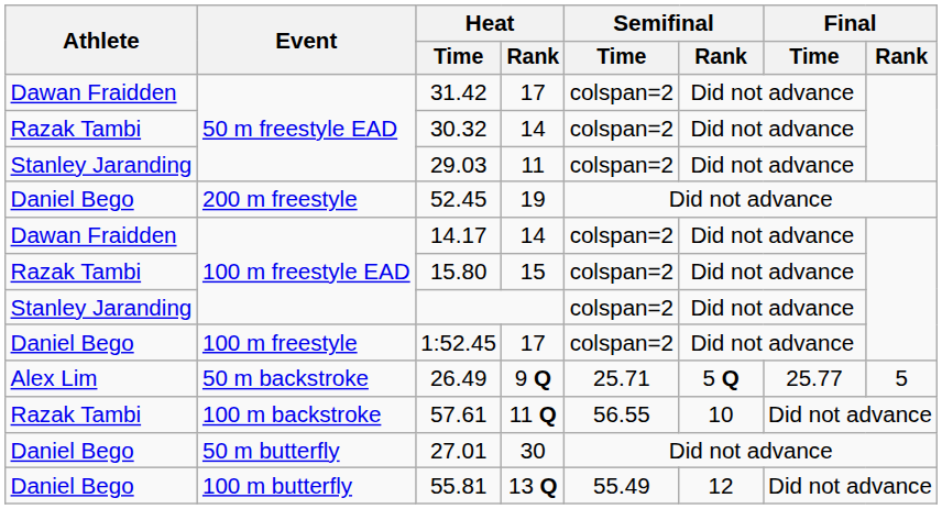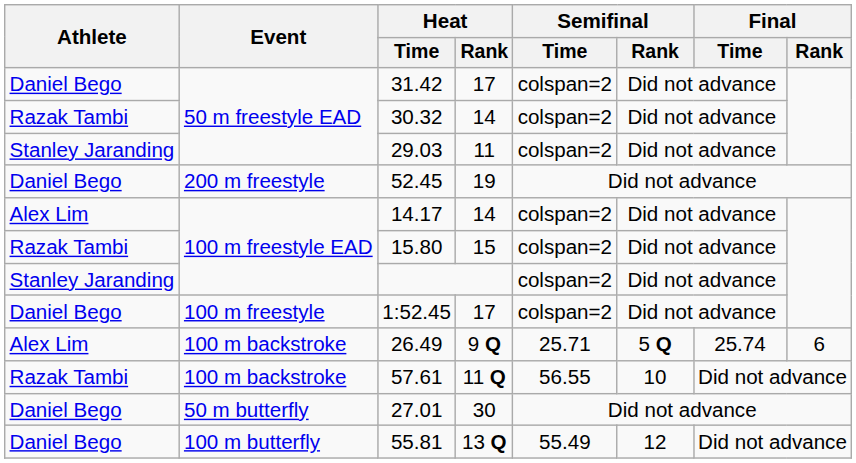 <table class=wikitable style=font-size:90%>
 <tr>
 <th rowspan=2>Athlete</th>
 <th rowspan=2>Event</th>
 <th colspan=2>Heat</th>
 <th colspan=2>Semifinal</th>
 <th colspan=2>Final</th>
 </tr>
 <tr style=font-size:95%>
 <th>Time</th>
 <th>Rank</th>
 <th>Time</th>
 <th>Rank</th>
 <th>Time</th>
 <th>Rank</th>
 </tr>
 <tr align=center>
-<td align=left><a href='#'>Dawan Fraidden</a></td>
+<td align=left><a href='#'>Daniel Bego</a></td>
 <td align=left rowspan=3><a href='#'>50 m freestyle EAD</a></td>
 <td>31.42</td>
 <td>17</td>
 <td>colspan=2 </td>
 <td colspan=2>Did not advance</td>
 </tr>
 <tr align=center>
 <td align=left><a href='#'>Razak Tambi</a></td>
 <td>30.32</td>
 <td>14</td>
 <td>colspan=2 </td>
 <td colspan=2>Did not advance</td>
 </tr>
 <tr align=center>
 <td align=left><a href='#'>Stanley Jaranding</a></td>
 <td>29.03</td>
 <td>11</td>
 <td>colspan=2 </td>
 <td colspan=2>Did not advance</td>
 </tr>
 <tr align=center>
 <td align=left><a href='#'>Daniel Bego</a></td>
 <td align=left><a href='#'>200 m freestyle</a></td>
 <td>52.45</td>
 <td>19</td>
 <td colspan=4>Did not advance</td>
 </tr>
 <tr align=center>
-<td align=left><a href='#'>Dawan Fraidden</a></td>
+<td align=left><a href='#'>Alex Lim</a></td>
 <td align=left rowspan=3><a href='#'>100 m freestyle EAD</a></td>
 <td>14.17</td>
 <td>14</td>
 <td>colspan=2 </td>
 <td colspan=2>Did not advance</td>
 </tr>
 <tr align=center>
 <td align=left><a href='#'>Razak Tambi</a></td>
 <td>15.80</td>
 <td>15</td>
 <td>colspan=2 </td>
 <td colspan=2>Did not advance</td>
 </tr>
 <tr align=center>
 <td align=left><a href='#'>Stanley Jaranding</a></td>
 <td colspan=2></td>
 <td>colspan=2 </td>
 <td colspan=2>Did not advance</td>
 </tr>
 <tr align=center>
 <td align=left><a href='#'>Daniel Bego</a></td>
 <td align=left><a href='#'>100 m freestyle</a></td>
 <td>1:52.45</td>
 <td>17</td>
 <td>colspan=2 </td>
 <td colspan=2>Did not advance</td>
 </tr>
 <tr align=center>
 <td align=left><a href='#'>Alex Lim</a></td>
-<td align=left><a href='#'>50 m backstroke</a></td>
+<td align=left><a href='#'>100 m backstroke</a></td>
 <td>26.49</td>
 <td>9 <strong>Q</strong></td>
 <td>25.71</td>
 <td>5 <strong>Q</strong></td>
-<td>25.77</td>
-<td>5</td>
+<td>25.74</td>
+<td>6</td>
 </tr>
 <tr align=center>
 <td align=left><a href='#'>Razak Tambi</a></td>
 <td align=left><a href='#'>100 m backstroke</a></td>
 <td>57.61</td>
 <td>11 <strong>Q</strong></td>
 <td>56.55</td>
 <td>10</td>
 <td colspan=2>Did not advance</td>
 </tr>
 <tr align=center>
 <td align=left><a href='#'>Daniel Bego</a></td>
 <td align=left><a href='#'>50 m butterfly</a></td>
 <td>27.01</td>
 <td>30</td>
 <td colspan=4>Did not advance</td>
 </tr>
 <tr align=center>
 <td align=left><a href='#'>Daniel Bego</a></td>
 <td align=left><a href='#'>100 m butterfly</a></td>
 <td>55.81</td>
 <td>13 <strong>Q</strong></td>
 <td>55.49</td>
 <td>12</td>
 <td colspan=2>Did not advance</td>
 </tr>
 </table>
